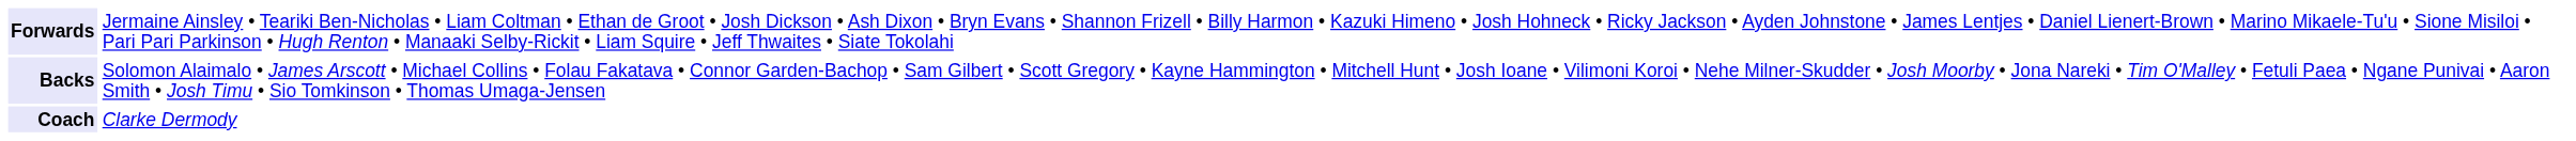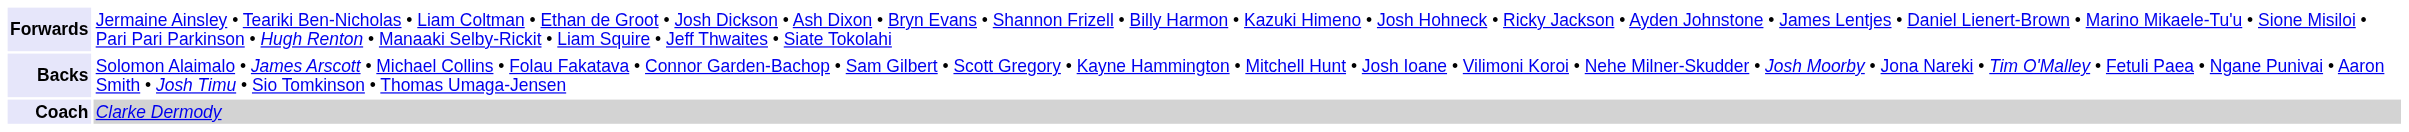 <table cellpadding="2" style="border:1px solid white;font-size:90%">
 <tr>
 <td style="text-align:right;background:lavender"><strong>Forwards</strong></td>
 <td style="text-align:left"><a href='#'>Jermaine Ainsley</a> • <a href='#'>Teariki Ben-Nicholas</a> • <a href='#'>Liam Coltman</a> • <a href='#'>Ethan de Groot</a> • <a href='#'>Josh Dickson</a> • <a href='#'>Ash Dixon</a> • <a href='#'>Bryn Evans</a> • <a href='#'>Shannon Frizell</a> • <a href='#'>Billy Harmon</a> • <a href='#'>Kazuki Himeno</a> • <a href='#'>Josh Hohneck</a> • <a href='#'>Ricky Jackson</a> • <a href='#'>Ayden Johnstone</a> • <a href='#'>James Lentjes</a> • <a href='#'>Daniel Lienert-Brown</a> • <a href='#'>Marino Mikaele-Tu'u</a> • <a href='#'>Sione Misiloi</a> • <a href='#'>Pari Pari Parkinson</a> • <em><a href='#'>Hugh Renton</a></em> • <a href='#'>Manaaki Selby-Rickit</a> • <a href='#'>Liam Squire</a> • <a href='#'>Jeff Thwaites</a> • <a href='#'>Siate Tokolahi</a></td>
 </tr>
 <tr>
 <td style="text-align:right;background:lavender"><strong>Backs</strong></td>
 <td style="text-align:left"><a href='#'>Solomon Alaimalo</a> • <em><a href='#'>James Arscott</a></em> • <a href='#'>Michael Collins</a> • <a href='#'>Folau Fakatava</a> • <a href='#'>Connor Garden-Bachop</a> • <a href='#'>Sam Gilbert</a> • <a href='#'>Scott Gregory</a> • <a href='#'>Kayne Hammington</a> • <a href='#'>Mitchell Hunt</a> • <a href='#'>Josh Ioane</a> • <a href='#'>Vilimoni Koroi</a> • <a href='#'>Nehe Milner-Skudder</a> • <em><a href='#'>Josh Moorby</a></em> • <a href='#'>Jona Nareki</a> • <em><a href='#'>Tim O'Malley</a></em> • <a href='#'>Fetuli Paea</a> • <a href='#'>Ngane Punivai</a> • <a href='#'>Aaron Smith</a> • <em><a href='#'>Josh Timu</a></em> • <a href='#'>Sio Tomkinson</a> • <a href='#'>Thomas Umaga-Jensen</a></td>
 </tr>
 <tr>
 <td style="text-align:right;background:lavender"><strong>Coach</strong></td>
-<td style="text-align:left"><em><a href='#'>Clarke Dermody</a></em></td>
+<td style="background: lightgrey; text-align:left"><em><a href='#'>Clarke Dermody</a></em></td>
 </tr>
 </table>
